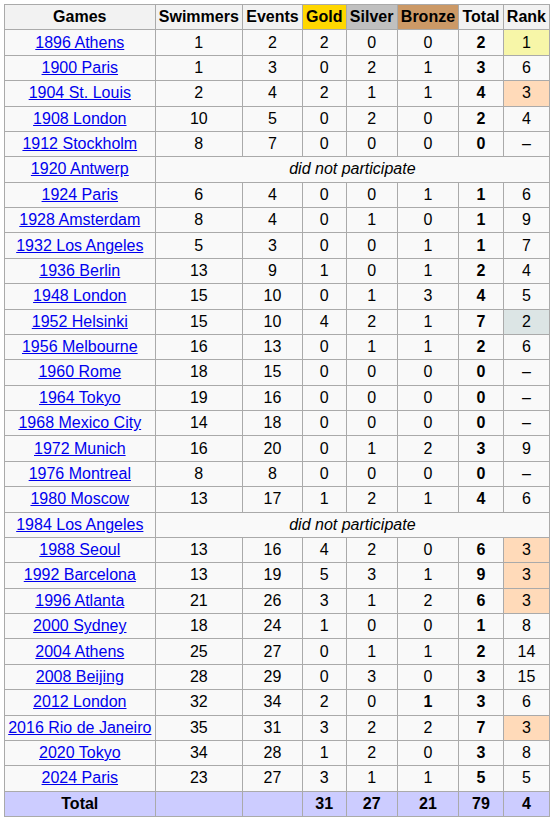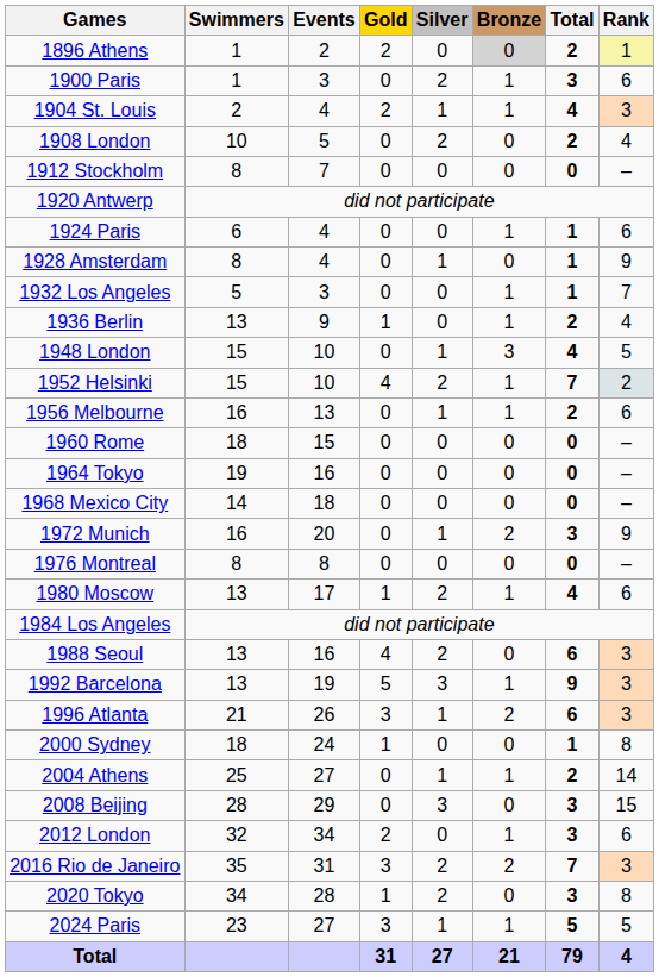 <table class="wikitable sortable collapsible collapsed">
 <tr>
 <th>Games</th>
 <th>Swimmers</th>
 <th>Events</th>
 <th style="text-align:center; background-color:gold;">Gold</th>
 <th style="text-align:center; background-color:silver;">Silver</th>
 <th style="text-align:center; background-color:#c96;">Bronze</th>
 <th>Total</th>
 <th>Rank</th>
 </tr>
 <tr align=center>
 <td><a href='#'>1896 Athens</a></td>
 <td>1</td>
 <td>2</td>
 <td>2</td>
 <td>0</td>
-<td>0</td>
+<td style="background: lightgrey;">0</td>
 <td><strong>2</strong></td>
 <td bgcolor=f7f6a8>1</td>
 </tr>
 <tr align=center>
 <td><a href='#'>1900 Paris</a></td>
 <td>1</td>
 <td>3</td>
 <td>0</td>
 <td>2</td>
 <td>1</td>
 <td><strong>3</strong></td>
 <td>6</td>
 </tr>
 <tr align=center>
 <td><a href='#'>1904 St. Louis</a></td>
 <td>2</td>
 <td>4</td>
 <td>2</td>
 <td>1</td>
 <td>1</td>
 <td><strong>4</strong></td>
 <td bgcolor=ffdab9>3</td>
 </tr>
 <tr align=center>
 <td><a href='#'>1908 London</a></td>
 <td>10</td>
 <td>5</td>
 <td>0</td>
 <td>2</td>
 <td>0</td>
 <td><strong>2</strong></td>
 <td>4</td>
 </tr>
 <tr align=center>
 <td><a href='#'>1912 Stockholm</a></td>
 <td>8</td>
 <td>7</td>
 <td>0</td>
 <td>0</td>
 <td>0</td>
 <td><strong>0</strong></td>
 <td>–</td>
 </tr>
 <tr align=center>
 <td><a href='#'>1920 Antwerp</a></td>
 <td colspan=7><em>did not participate</em></td>
 </tr>
 <tr align=center>
 <td><a href='#'>1924 Paris</a></td>
 <td>6</td>
 <td>4</td>
 <td>0</td>
 <td>0</td>
 <td>1</td>
 <td><strong>1</strong></td>
 <td>6</td>
 </tr>
 <tr align=center>
 <td><a href='#'>1928 Amsterdam</a></td>
 <td>8</td>
 <td>4</td>
 <td>0</td>
 <td>1</td>
 <td>0</td>
 <td><strong>1</strong></td>
 <td>9</td>
 </tr>
 <tr align=center>
 <td><a href='#'>1932 Los Angeles</a></td>
 <td>5</td>
 <td>3</td>
 <td>0</td>
 <td>0</td>
 <td>1</td>
 <td><strong>1</strong></td>
 <td>7</td>
 </tr>
 <tr align=center>
 <td><a href='#'>1936 Berlin</a></td>
 <td>13</td>
 <td>9</td>
 <td>1</td>
 <td>0</td>
 <td>1</td>
 <td><strong>2</strong></td>
 <td>4</td>
 </tr>
 <tr align=center>
 <td><a href='#'>1948 London</a></td>
 <td>15</td>
 <td>10</td>
 <td>0</td>
 <td>1</td>
 <td>3</td>
 <td><strong>4</strong></td>
 <td>5</td>
 </tr>
 <tr align=center>
 <td><a href='#'>1952 Helsinki</a></td>
 <td>15</td>
 <td>10</td>
 <td>4</td>
 <td>2</td>
 <td>1</td>
 <td><strong>7</strong></td>
 <td bgcolor=dce5e5>2</td>
 </tr>
 <tr align=center>
 <td><a href='#'>1956 Melbourne</a></td>
 <td>16</td>
 <td>13</td>
 <td>0</td>
 <td>1</td>
 <td>1</td>
 <td><strong>2</strong></td>
 <td>6</td>
 </tr>
 <tr align=center>
 <td><a href='#'>1960 Rome</a></td>
 <td>18</td>
 <td>15</td>
 <td>0</td>
 <td>0</td>
 <td>0</td>
 <td><strong>0</strong></td>
 <td>–</td>
 </tr>
 <tr align=center>
 <td><a href='#'>1964 Tokyo</a></td>
 <td>19</td>
 <td>16</td>
 <td>0</td>
 <td>0</td>
 <td>0</td>
 <td><strong>0</strong></td>
 <td>–</td>
 </tr>
 <tr align=center>
 <td><a href='#'>1968 Mexico City</a></td>
 <td>14</td>
 <td>18</td>
 <td>0</td>
 <td>0</td>
 <td>0</td>
 <td><strong>0</strong></td>
 <td>–</td>
 </tr>
 <tr align=center>
 <td><a href='#'>1972 Munich</a></td>
 <td>16</td>
 <td>20</td>
 <td>0</td>
 <td>1</td>
 <td>2</td>
 <td><strong>3</strong></td>
 <td>9</td>
 </tr>
 <tr align=center>
 <td><a href='#'>1976 Montreal</a></td>
 <td>8</td>
 <td>8</td>
 <td>0</td>
 <td>0</td>
 <td>0</td>
 <td><strong>0</strong></td>
 <td>–</td>
 </tr>
 <tr align=center>
 <td><a href='#'>1980 Moscow</a></td>
 <td>13</td>
 <td>17</td>
 <td>1</td>
 <td>2</td>
 <td>1</td>
 <td><strong>4</strong></td>
 <td>6</td>
 </tr>
 <tr align=center>
 <td><a href='#'>1984 Los Angeles</a></td>
 <td colspan=7><em>did not participate</em></td>
 </tr>
 <tr align=center>
 <td><a href='#'>1988 Seoul</a></td>
 <td>13</td>
 <td>16</td>
 <td>4</td>
 <td>2</td>
 <td>0</td>
 <td><strong>6</strong></td>
 <td bgcolor=ffdab9>3</td>
 </tr>
 <tr align=center>
 <td><a href='#'>1992 Barcelona</a></td>
 <td>13</td>
 <td>19</td>
 <td>5</td>
 <td>3</td>
 <td>1</td>
 <td><strong>9</strong></td>
 <td bgcolor=ffdab9>3</td>
 </tr>
 <tr align=center>
 <td><a href='#'>1996 Atlanta</a></td>
 <td>21</td>
 <td>26</td>
 <td>3</td>
 <td>1</td>
 <td>2</td>
 <td><strong>6</strong></td>
 <td bgcolor=ffdab9>3</td>
 </tr>
 <tr align=center>
 <td><a href='#'>2000 Sydney</a></td>
 <td>18</td>
 <td>24</td>
 <td>1</td>
 <td>0</td>
 <td>0</td>
 <td><strong>1</strong></td>
 <td>8</td>
 </tr>
 <tr align=center>
 <td><a href='#'>2004 Athens</a></td>
 <td>25</td>
 <td>27</td>
 <td>0</td>
 <td>1</td>
 <td>1</td>
 <td><strong>2</strong></td>
 <td>14</td>
 </tr>
 <tr align=center>
 <td><a href='#'>2008 Beijing</a></td>
 <td>28</td>
 <td>29</td>
 <td>0</td>
 <td>3</td>
 <td>0</td>
 <td><strong>3</strong></td>
 <td>15</td>
 </tr>
 <tr align=center>
 <td><a href='#'>2012 London</a></td>
 <td>32</td>
 <td>34</td>
 <td>2</td>
 <td>0</td>
-<td><strong>1</strong></td>
+<td>1</td>
 <td><strong>3</strong></td>
 <td>6</td>
 </tr>
 <tr align=center>
 <td><a href='#'>2016 Rio de Janeiro</a></td>
 <td>35</td>
 <td>31</td>
 <td>3</td>
 <td>2</td>
 <td>2</td>
 <td><strong>7</strong></td>
 <td bgcolor=ffdab9>3</td>
 </tr>
 <tr align=center>
 <td><a href='#'>2020 Tokyo</a></td>
 <td>34</td>
 <td>28</td>
 <td>1</td>
 <td>2</td>
 <td>0</td>
 <td><strong>3</strong></td>
 <td>8</td>
 </tr>
 <tr align=center>
 <td><a href='#'>2024 Paris</a></td>
 <td>23</td>
 <td>27</td>
 <td>3</td>
 <td>1</td>
 <td>1</td>
 <td><strong>5</strong></td>
 <td>5</td>
 </tr>
 <tr style="text-align:center; background-color:#ccf;">
 <td><strong>Total</strong></td>
 <td></td>
 <td></td>
 <td><strong>31</strong></td>
 <td><strong>27</strong></td>
 <td><strong>21</strong></td>
 <td><strong>79</strong></td>
 <td><strong>4</strong></td>
 </tr>
 </table>
